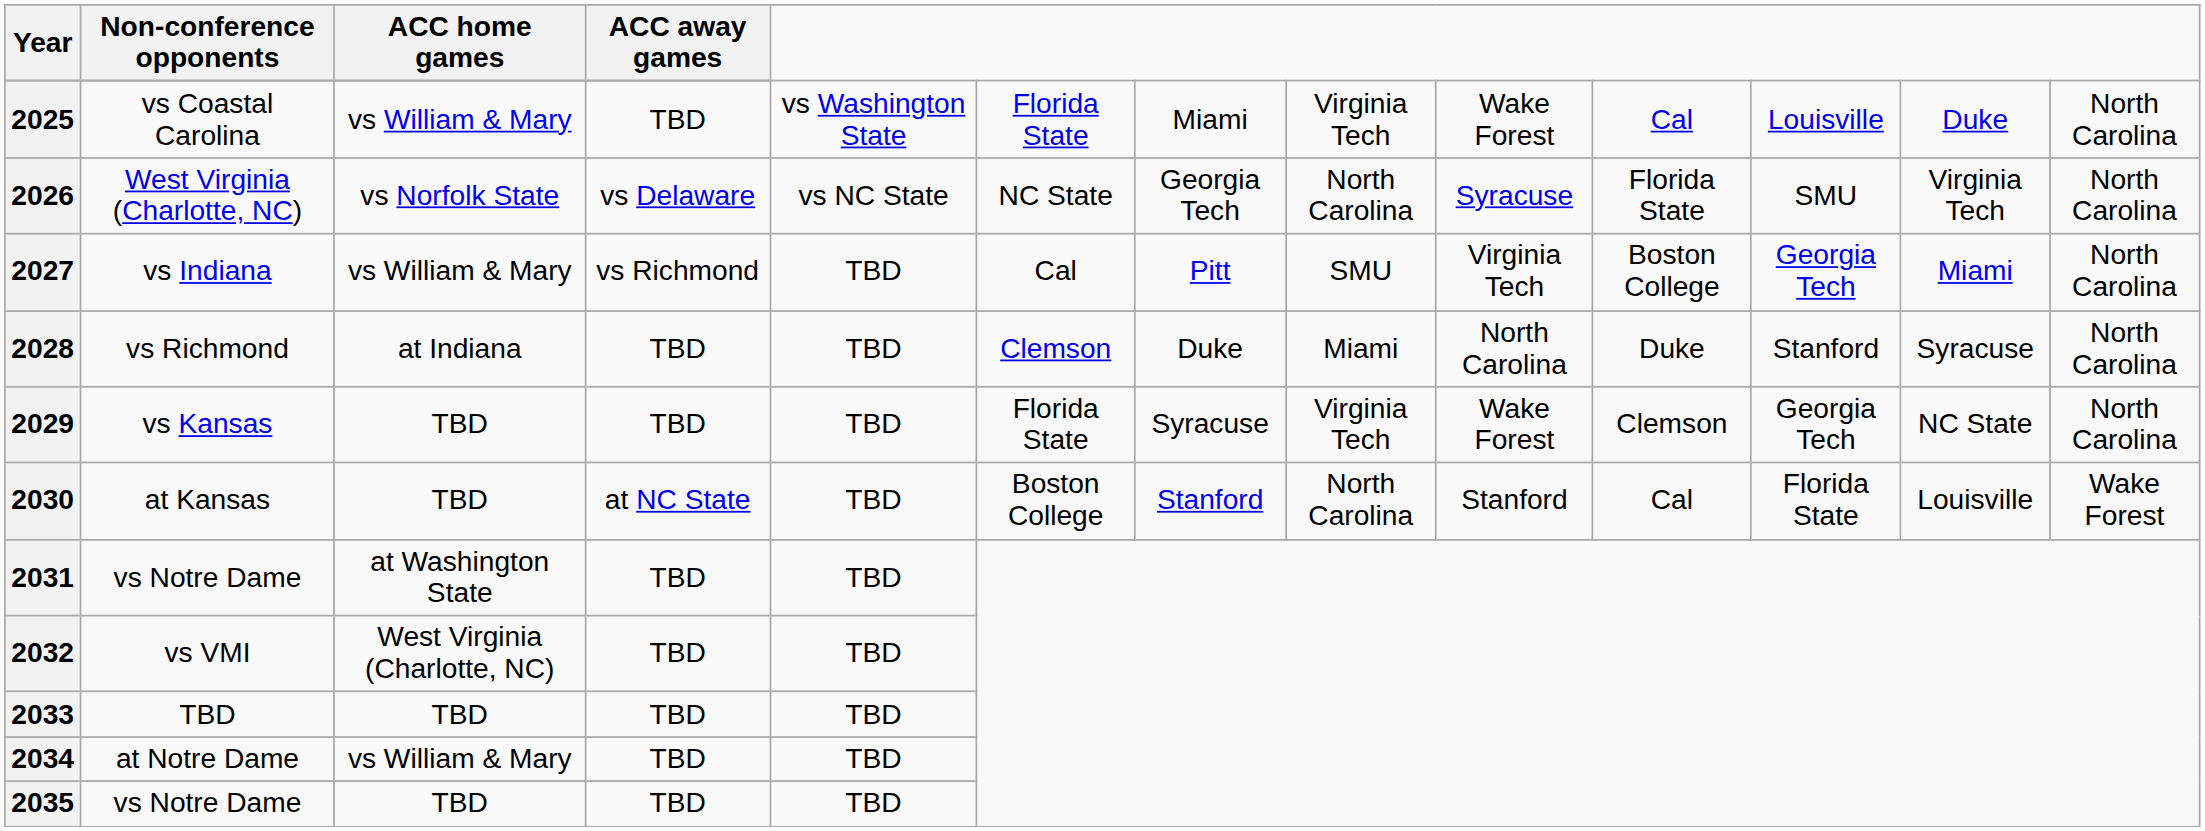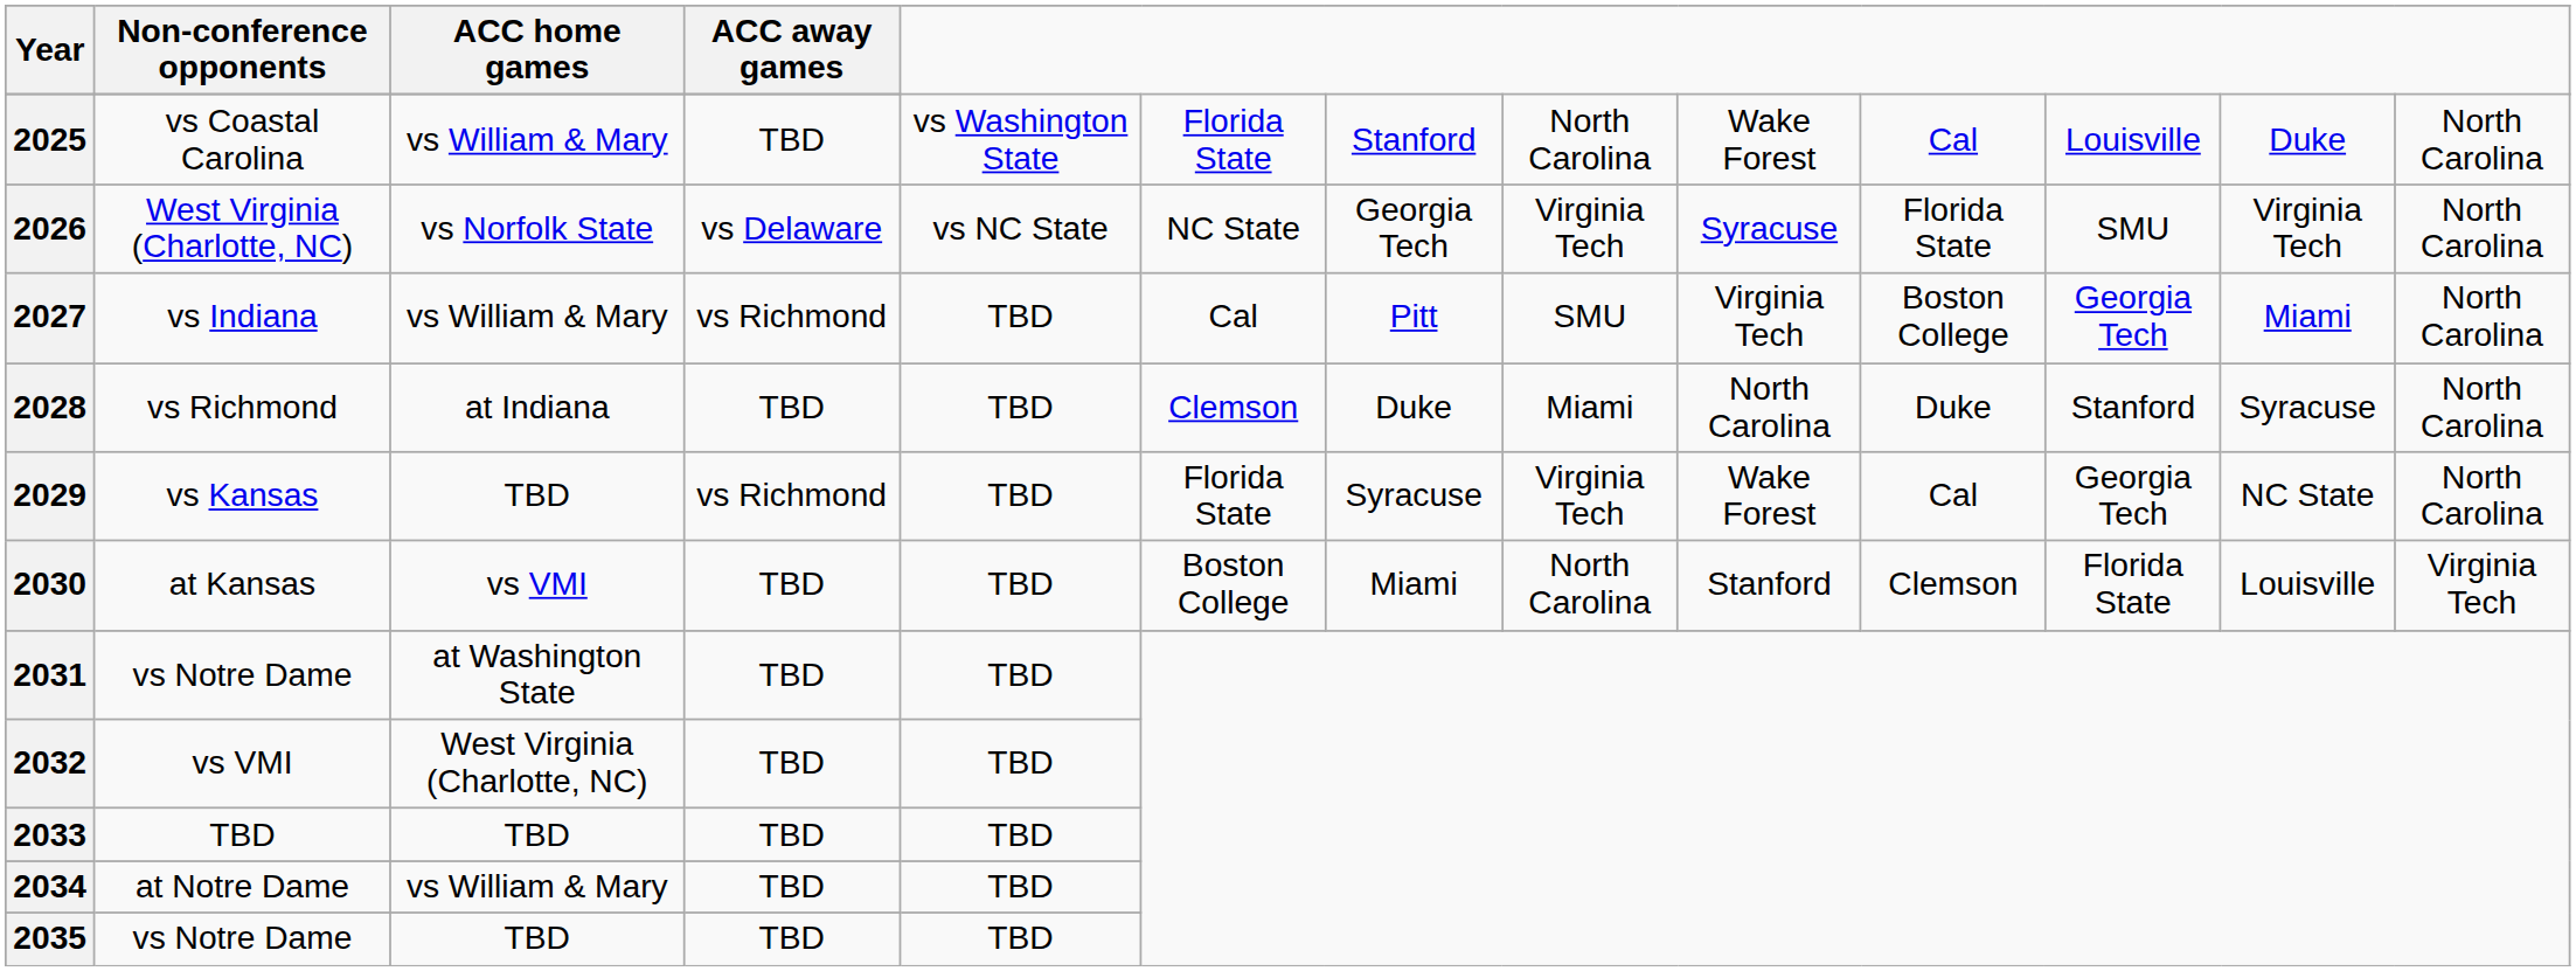 <table class="wikitable">
 <tr>
 <th style="background:#">Year</th>
 <th style="background:#">Non-conference opponents</th>
 <th style="background:#">ACC home games</th>
 <th style="background:#">ACC away games</th>
 </tr>
 <tr>
 </tr>
 <tr style="text-align:center;">
 <th style="background:#">2025</th>
 <td>vs Coastal Carolina</td>
 <td>vs <a href='#'>William & Mary</a></td>
 <td>TBD</td>
 <td>vs <a href='#'>Washington State</a></td>
 <td><a href='#'>Florida State</a></td>
-<td>Miami</td>
-<td>Virginia Tech</td>
+<td><a href='#'>Stanford</a></td>
+<td>North Carolina</td>
 <td>Wake Forest</td>
 <td><a href='#'>Cal</a></td>
 <td><a href='#'>Louisville</a></td>
 <td><a href='#'>Duke</a></td>
 <td>North Carolina</td>
 </tr>
 <tr style="text-align:center;">
 <th style="background:#">2026</th>
 <td><a href='#'>West Virginia</a> (<a href='#'>Charlotte, NC</a>)</td>
 <td>vs <a href='#'>Norfolk State</a></td>
 <td>vs <a href='#'>Delaware</a></td>
 <td>vs NC State</td>
 <td>NC State</td>
 <td>Georgia Tech</td>
-<td>North Carolina</td>
+<td>Virginia Tech</td>
 <td><a href='#'>Syracuse</a></td>
 <td>Florida State</td>
 <td>SMU</td>
 <td>Virginia Tech</td>
 <td>North Carolina</td>
 </tr>
 <tr style="text-align:center;">
 <th style="background:#">2027</th>
 <td>vs <a href='#'>Indiana</a></td>
 <td>vs William & Mary</td>
 <td>vs Richmond</td>
 <td>TBD</td>
 <td>Cal</td>
 <td><a href='#'>Pitt</a></td>
 <td>SMU</td>
 <td>Virginia Tech</td>
 <td>Boston College</td>
 <td><a href='#'>Georgia Tech</a></td>
 <td><a href='#'>Miami</a></td>
 <td>North Carolina</td>
 </tr>
 <tr style="text-align:center;">
 <th style="background:#">2028</th>
 <td>vs Richmond</td>
 <td>at Indiana</td>
 <td>TBD</td>
 <td>TBD</td>
 <td><a href='#'>Clemson</a></td>
 <td>Duke</td>
 <td>Miami</td>
 <td>North Carolina</td>
 <td>Duke</td>
 <td>Stanford</td>
 <td>Syracuse</td>
 <td>North Carolina</td>
 </tr>
 <tr style="text-align:center;">
 <th style="background:#">2029</th>
 <td>vs <a href='#'>Kansas</a></td>
 <td>TBD</td>
-<td>TBD</td>
+<td>vs Richmond</td>
 <td>TBD</td>
 <td>Florida State</td>
 <td>Syracuse</td>
 <td>Virginia Tech</td>
 <td>Wake Forest</td>
-<td>Clemson</td>
+<td>Cal</td>
 <td>Georgia Tech</td>
 <td>NC State</td>
 <td>North Carolina</td>
 </tr>
 <tr style="text-align:center;">
 <th style="background:#">2030</th>
 <td>at Kansas</td>
+<td>vs <a href='#'>VMI</a></td>
 <td>TBD</td>
-<td>at <a href='#'>NC State</a></td>
 <td>TBD</td>
 <td>Boston College</td>
-<td><a href='#'>Stanford</a></td>
+<td>Miami</td>
 <td>North Carolina</td>
 <td>Stanford</td>
-<td>Cal</td>
+<td>Clemson</td>
 <td>Florida State</td>
 <td>Louisville</td>
-<td>Wake Forest</td>
+<td>Virginia Tech</td>
 </tr>
 <tr style="text-align:center;">
 <th style="background:#">2031</th>
 <td>vs Notre Dame</td>
 <td>at Washington State</td>
 <td>TBD</td>
 <td>TBD</td>
 </tr>
 <tr style="text-align:center;">
 <th style="background:#">2032</th>
 <td>vs VMI</td>
 <td>West Virginia (Charlotte, NC)</td>
 <td>TBD</td>
 <td>TBD</td>
 </tr>
 <tr style="text-align:center;">
 <th style="background:#">2033</th>
 <td>TBD</td>
 <td>TBD</td>
 <td>TBD</td>
 <td>TBD</td>
 </tr>
 <tr style="text-align:center;">
 <th style="background:#">2034</th>
 <td>at Notre Dame</td>
 <td>vs William & Mary</td>
 <td>TBD</td>
 <td>TBD</td>
 </tr>
 <tr style="text-align:center;">
 <th style="background:#">2035</th>
 <td>vs Notre Dame</td>
 <td>TBD</td>
 <td>TBD</td>
 <td>TBD</td>
 </tr>
 </table>
